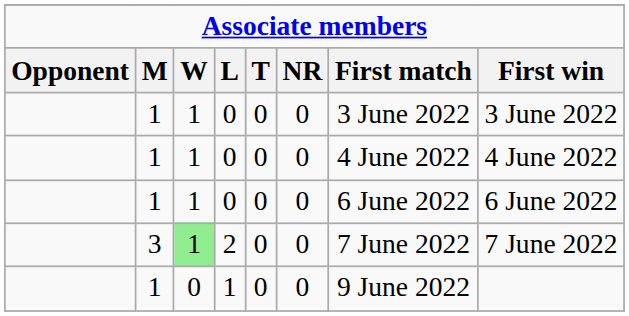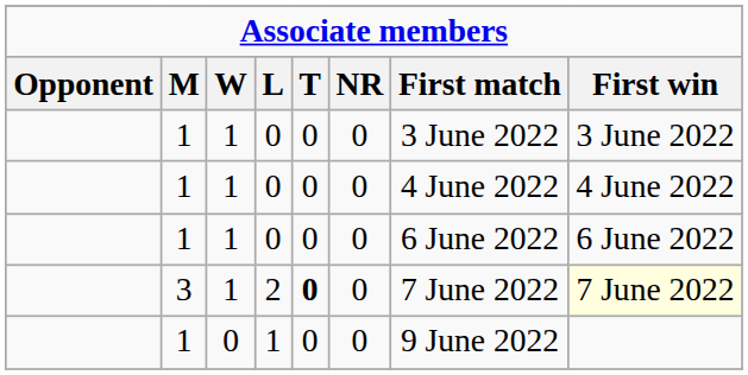 <table class="wikitable" style="text-align: center;">
 <tr>
 </tr>
 <tr>
 <td colspan="30" style="text-align: center;"><strong><a href='#'>Associate members</a></strong></td>
 </tr>
 <tr>
 <th>Opponent</th>
 <th>M</th>
 <th>W</th>
 <th>L</th>
 <th>T</th>
 <th>NR</th>
 <th>First match</th>
 <th>First win</th>
 </tr>
 <tr>
 <td></td>
 <td>1</td>
 <td>1</td>
 <td>0</td>
 <td>0</td>
 <td>0</td>
 <td>3 June 2022</td>
 <td>3 June 2022</td>
 </tr>
 <tr>
 <td></td>
 <td>1</td>
 <td>1</td>
 <td>0</td>
 <td>0</td>
 <td>0</td>
 <td>4 June 2022</td>
 <td>4 June 2022</td>
 </tr>
 <tr>
 <td></td>
 <td>1</td>
 <td>1</td>
 <td>0</td>
 <td>0</td>
 <td>0</td>
 <td>6 June 2022</td>
 <td>6 June 2022</td>
 </tr>
 <tr>
 <td></td>
 <td>3</td>
-<td style="background: lightgreen;">1</td>
+<td>1</td>
 <td>2</td>
-<td>0</td>
+<td><strong>0</strong></td>
 <td>0</td>
 <td>7 June 2022</td>
-<td>7 June 2022</td>
+<td style="background: lightyellow;">7 June 2022</td>
 </tr>
 <tr>
 <td></td>
 <td>1</td>
 <td>0</td>
 <td>1</td>
 <td>0</td>
 <td>0</td>
 <td>9 June 2022</td>
 <td></td>
 </tr>
 </table>
